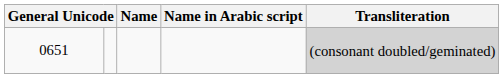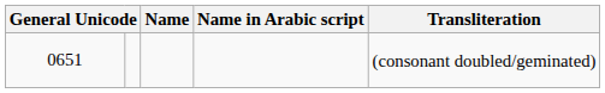 <table class="wikitable">
 <tr>
 <th colspan="2">General Unicode</th>
 <th>Name</th>
 <th>Name in Arabic script</th>
 <th>Transliteration</th>
 </tr>
 <tr style="text-align:center;">
 <td style="line-height:180%;padding:10px;">0651</td>
 <td><br></td>
 <td></td>
 <td></td>
-<td style="background: lightgrey;">(consonant doubled/geminated)</td>
+<td>(consonant doubled/geminated)</td>
 </tr>
 </table>
